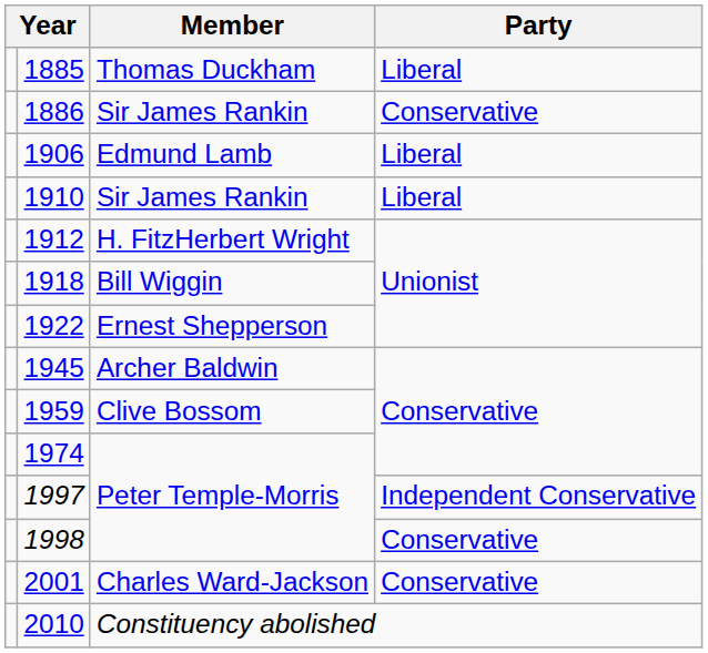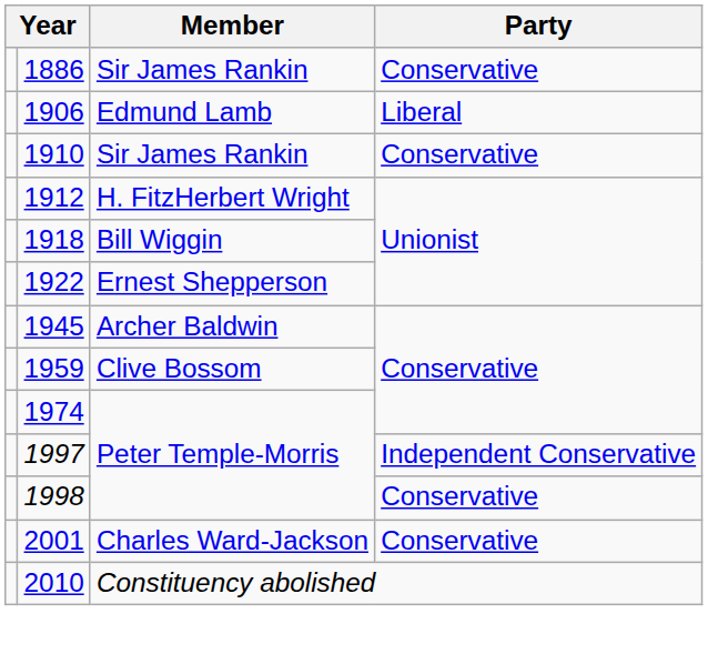 <table class="wikitable">
 <tr>
 <th colspan="2">Year</th>
 <th>Member</th>
 <th>Party</th>
-</tr>
-<tr>
-<td style="color:inherit;background-color: "></td>
-<td><a href='#'>1885</a></td>
-<td><a href='#'>Thomas Duckham</a></td>
-<td><a href='#'>Liberal</a></td>
 </tr>
 <tr>
 <td style="color:inherit;background-color: "></td>
 <td><a href='#'>1886</a></td>
 <td><a href='#'>Sir James Rankin</a></td>
 <td><a href='#'>Conservative</a></td>
 </tr>
 <tr>
 <td style="color:inherit;background-color: "></td>
 <td><a href='#'>1906</a></td>
 <td><a href='#'>Edmund Lamb</a></td>
 <td><a href='#'>Liberal</a></td>
 </tr>
 <tr>
 <td style="color:inherit;background-color: "></td>
 <td><a href='#'>1910</a></td>
 <td><a href='#'>Sir James Rankin</a></td>
-<td><a href='#'>Liberal</a></td>
+<td><a href='#'>Conservative</a></td>
 </tr>
 <tr>
 <td style="color:inherit;background-color: "></td>
 <td><a href='#'>1912</a></td>
 <td><a href='#'>H. FitzHerbert Wright</a></td>
 <td rowspan="3"><a href='#'>Unionist</a></td>
 </tr>
 <tr>
 <td style="color:inherit;background-color: "></td>
 <td><a href='#'>1918</a></td>
 <td><a href='#'>Bill Wiggin</a></td>
 </tr>
 <tr>
 <td style="color:inherit;background-color: "></td>
 <td><a href='#'>1922</a></td>
 <td><a href='#'>Ernest Shepperson</a></td>
 </tr>
 <tr>
 <td style="color:inherit;background-color: "></td>
 <td><a href='#'>1945</a></td>
 <td><a href='#'>Archer Baldwin</a></td>
 <td rowspan="3"><a href='#'>Conservative</a></td>
 </tr>
 <tr>
 <td style="color:inherit;background-color: "></td>
 <td><a href='#'>1959</a></td>
 <td><a href='#'>Clive Bossom</a></td>
 </tr>
 <tr>
 <td style="color:inherit;background-color: "></td>
 <td><a href='#'>1974</a></td>
 <td rowspan="3"><a href='#'>Peter Temple-Morris</a></td>
 </tr>
 <tr>
 <td style="color:inherit;background-color: "></td>
 <td><em>1997</em></td>
 <td><a href='#'>Independent Conservative</a></td>
 </tr>
 <tr>
 <td style="color:inherit;background-color: "></td>
 <td><em>1998</em></td>
 <td><a href='#'>Conservative</a></td>
 </tr>
 <tr>
 <td style="color:inherit;background-color: "></td>
 <td><a href='#'>2001</a></td>
 <td><a href='#'>Charles Ward-Jackson</a></td>
 <td><a href='#'>Conservative</a></td>
 </tr>
 <tr>
 <td></td>
 <td><a href='#'>2010</a></td>
 <td colspan="2"><em>Constituency abolished</em></td>
 </tr>
 </table>
